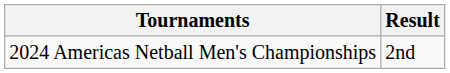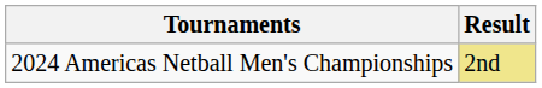 <table class="wikitable collapsible">
 <tr>
 <th>Tournaments</th>
 <th>Result</th>
 </tr>
 <tr>
 <td>2024 Americas Netball Men's Championships</td>
-<td>2nd</td>
+<td style="background: khaki;">2nd</td>
 </tr>
 </table>
